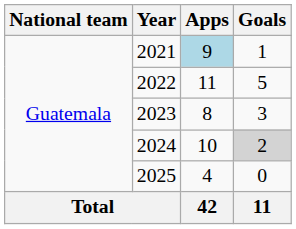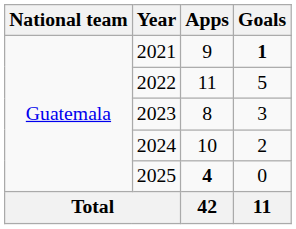 <table class="wikitable" style="text-align:center">
 <tr>
 <th>National team</th>
 <th>Year</th>
 <th>Apps</th>
 <th>Goals</th>
 </tr>
 <tr>
 <td rowspan="5"><a href='#'>Guatemala</a></td>
 <td>2021</td>
-<td style="background: lightblue;">9</td>
-<td>1</td>
+<td>9</td>
+<td><strong>1</strong></td>
 </tr>
 <tr>
 <td>2022</td>
 <td>11</td>
 <td>5</td>
 </tr>
 <tr>
 <td>2023</td>
 <td>8</td>
 <td>3</td>
 </tr>
 <tr>
 <td>2024</td>
 <td>10</td>
-<td style="background: lightgrey;">2</td>
+<td>2</td>
 </tr>
 <tr>
 <td>2025</td>
-<td>4</td>
+<td><strong>4</strong></td>
 <td>0</td>
 </tr>
 <tr>
 <th colspan="2">Total</th>
 <th>42</th>
 <th>11</th>
 </tr>
 </table>
